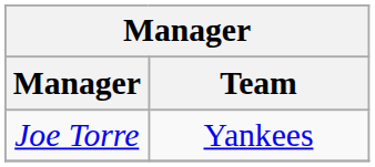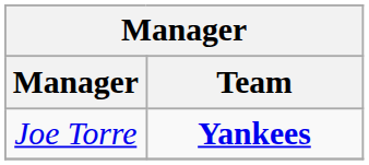 <table class="wikitable" style="font-size: 100%; text-align:center;">
 <tr>
 <th colspan="2">Manager</th>
 </tr>
 <tr>
 <th>Manager</th>
 <th width="100">Team</th>
 </tr>
 <tr>
 <td><em><a href='#'>Joe Torre</a></em></td>
-<td><a href='#'>Yankees</a></td>
+<td><strong><a href='#'>Yankees</a></strong></td>
 </tr>
 <tr>
 </tr>
 </table>
